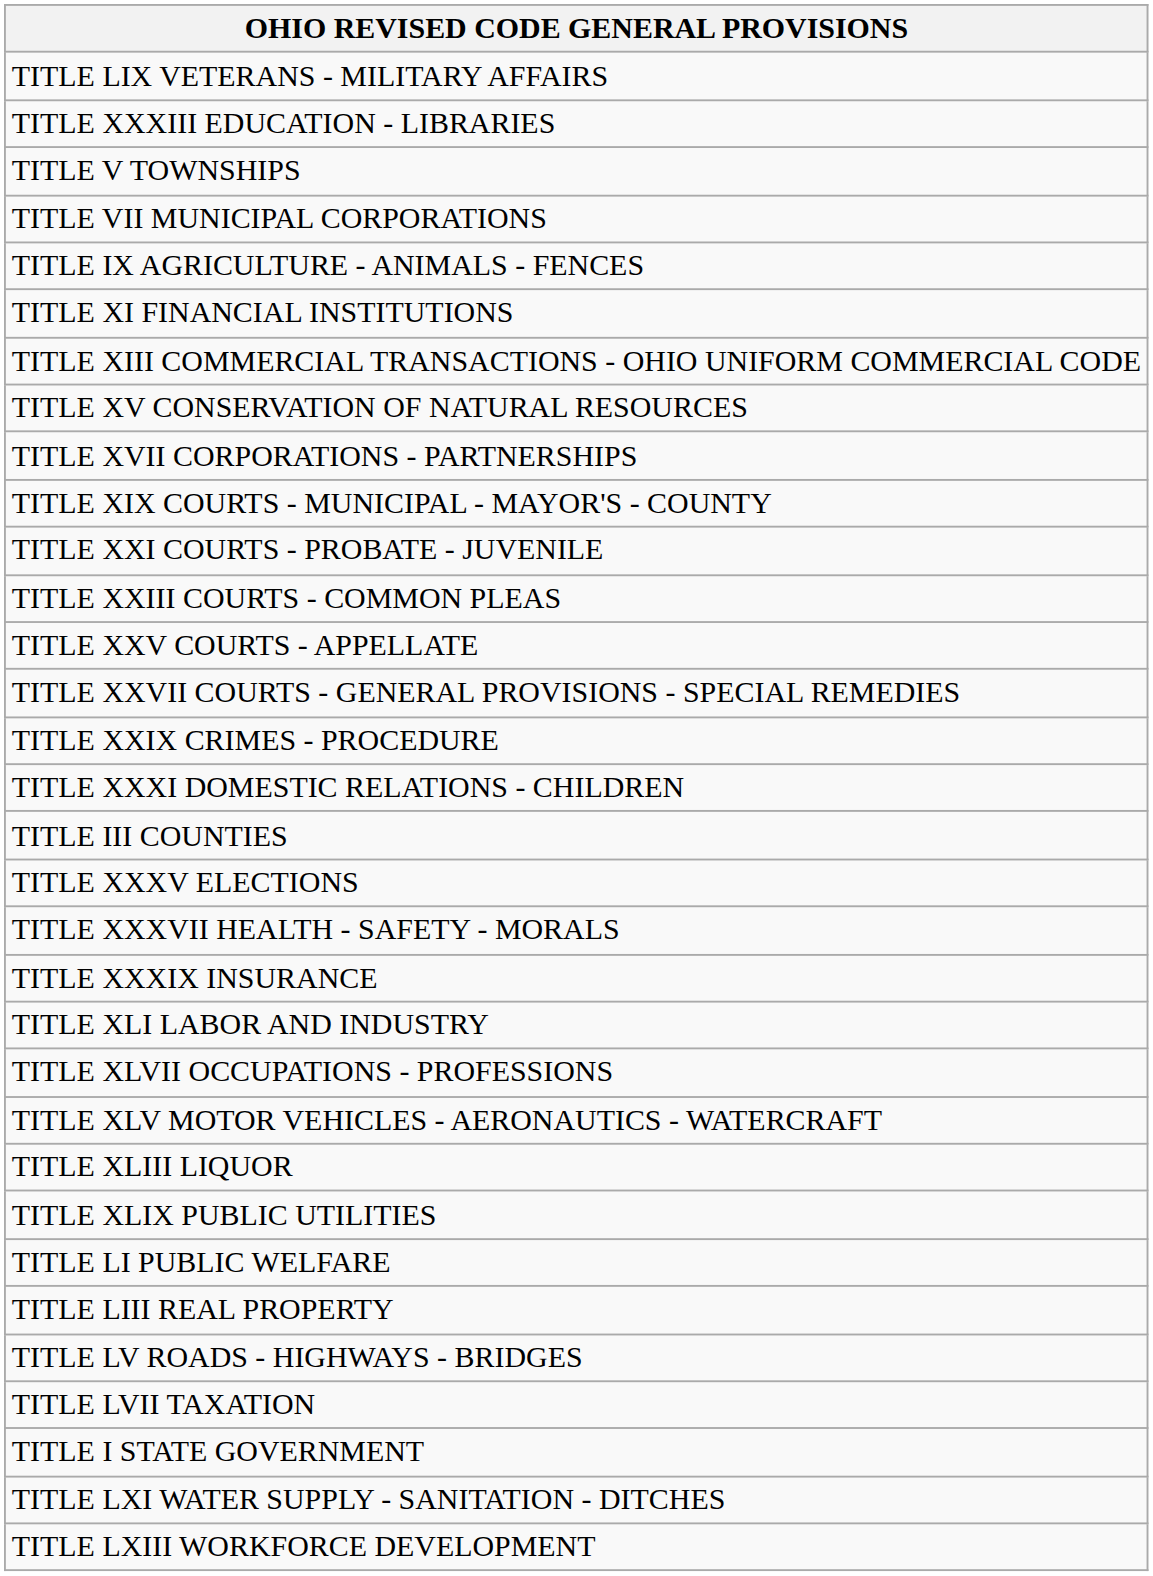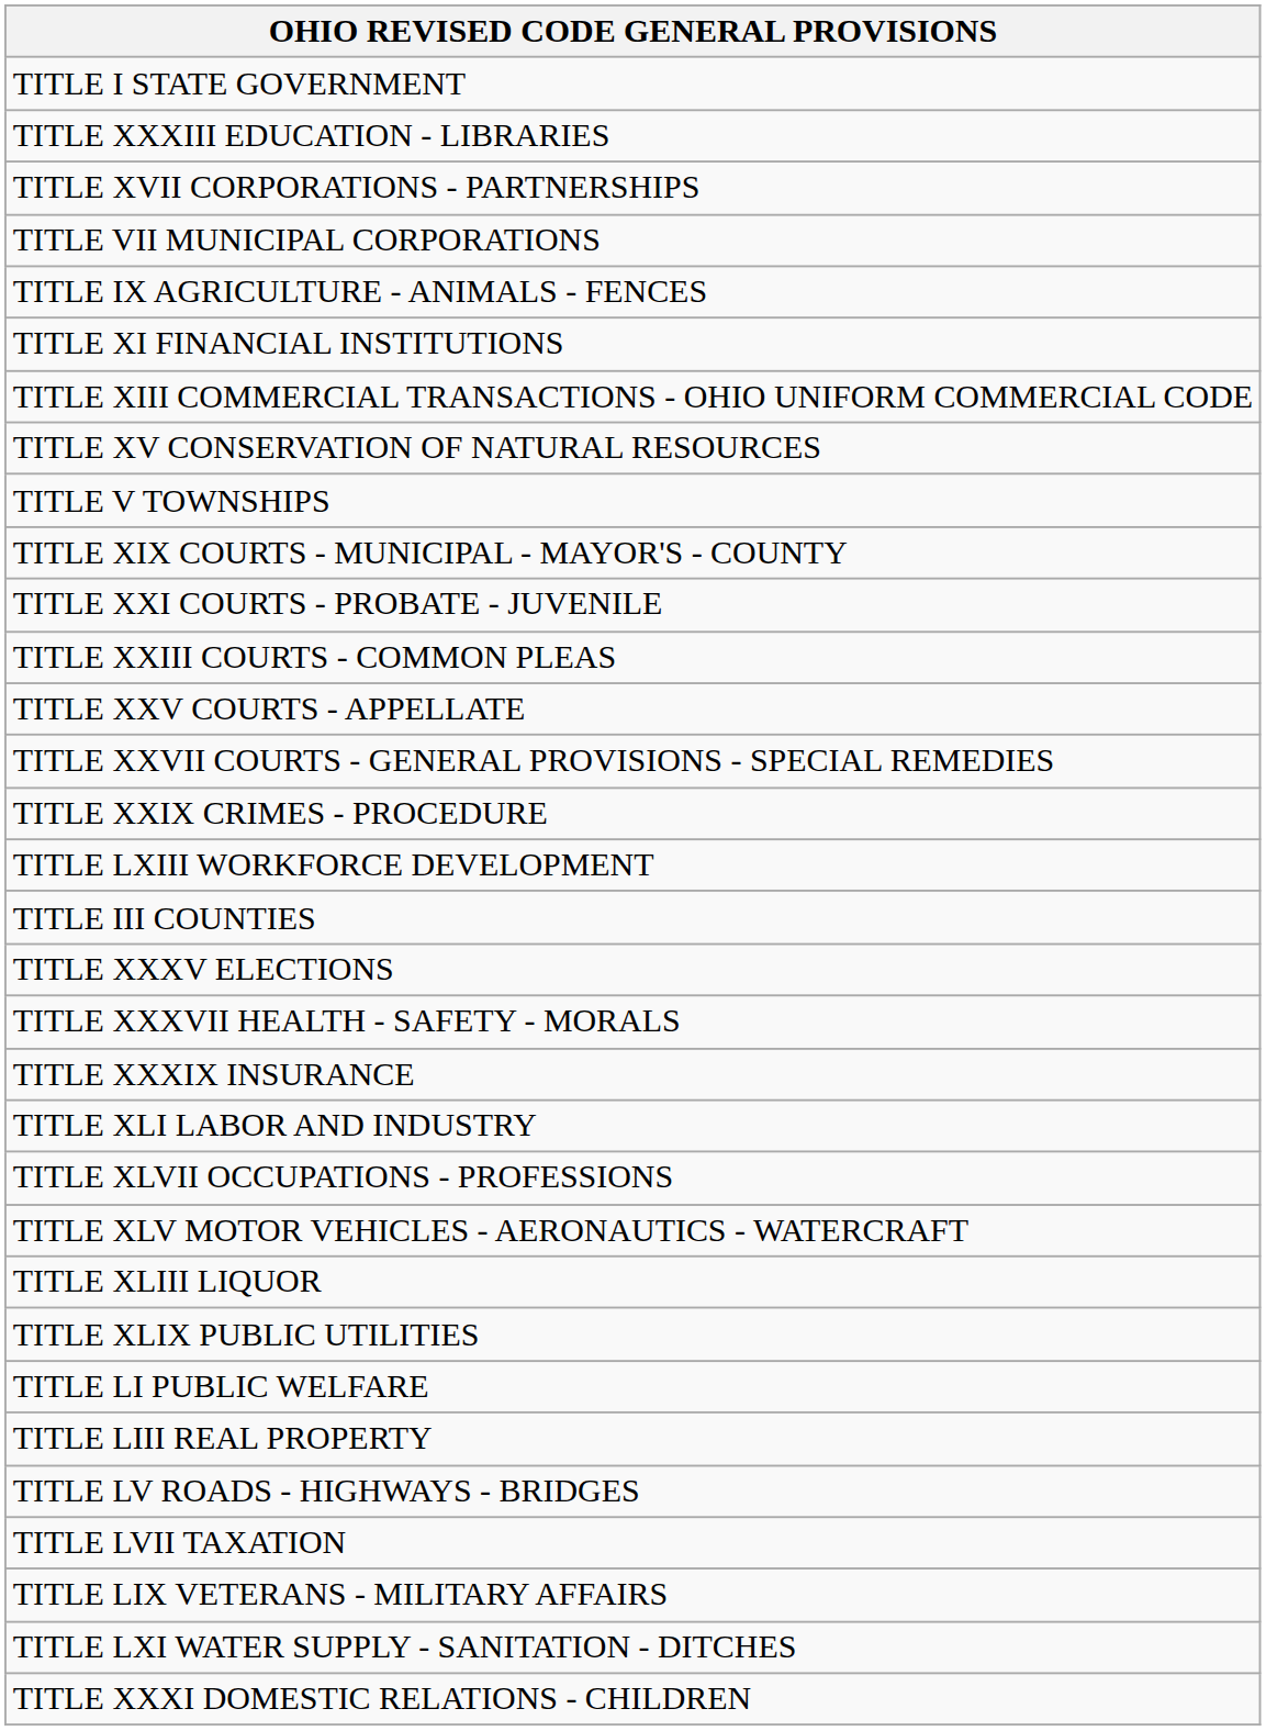 <table class="wikitable">
 <tr>
 <th>OHIO REVISED CODE GENERAL PROVISIONS</th>
 </tr>
 <tr>
-<td>TITLE LIX VETERANS - MILITARY AFFAIRS</td>
+<td>TITLE I STATE GOVERNMENT</td>
 </tr>
 <tr>
 <td>TITLE XXXIII EDUCATION - LIBRARIES</td>
 </tr>
 <tr>
-<td>TITLE V TOWNSHIPS</td>
+<td>TITLE XVII CORPORATIONS - PARTNERSHIPS</td>
 </tr>
 <tr>
 <td>TITLE VII MUNICIPAL CORPORATIONS</td>
 </tr>
 <tr>
 <td>TITLE IX AGRICULTURE - ANIMALS - FENCES</td>
 </tr>
 <tr>
 <td>TITLE XI FINANCIAL INSTITUTIONS</td>
 </tr>
 <tr>
 <td>TITLE XIII COMMERCIAL TRANSACTIONS - OHIO UNIFORM COMMERCIAL CODE</td>
 </tr>
 <tr>
 <td>TITLE XV CONSERVATION OF NATURAL RESOURCES</td>
 </tr>
 <tr>
-<td>TITLE XVII CORPORATIONS - PARTNERSHIPS</td>
+<td>TITLE V TOWNSHIPS</td>
 </tr>
 <tr>
 <td>TITLE XIX COURTS - MUNICIPAL - MAYOR'S - COUNTY</td>
 </tr>
 <tr>
 <td>TITLE XXI COURTS - PROBATE - JUVENILE</td>
 </tr>
 <tr>
 <td>TITLE XXIII COURTS - COMMON PLEAS</td>
 </tr>
 <tr>
 <td>TITLE XXV COURTS - APPELLATE</td>
 </tr>
 <tr>
 <td>TITLE XXVII COURTS - GENERAL PROVISIONS - SPECIAL REMEDIES</td>
 </tr>
 <tr>
 <td>TITLE XXIX CRIMES - PROCEDURE</td>
 </tr>
 <tr>
-<td>TITLE XXXI DOMESTIC RELATIONS - CHILDREN</td>
+<td>TITLE LXIII WORKFORCE DEVELOPMENT</td>
 </tr>
 <tr>
 <td>TITLE III COUNTIES</td>
 </tr>
 <tr>
 <td>TITLE XXXV ELECTIONS</td>
 </tr>
 <tr>
 <td>TITLE XXXVII HEALTH - SAFETY - MORALS</td>
 </tr>
 <tr>
 <td>TITLE XXXIX INSURANCE</td>
 </tr>
 <tr>
 <td>TITLE XLI LABOR AND INDUSTRY</td>
 </tr>
 <tr>
 <td>TITLE XLVII OCCUPATIONS - PROFESSIONS</td>
 </tr>
 <tr>
 <td>TITLE XLV MOTOR VEHICLES - AERONAUTICS - WATERCRAFT</td>
 </tr>
 <tr>
 <td>TITLE XLIII LIQUOR</td>
 </tr>
 <tr>
 <td>TITLE XLIX PUBLIC UTILITIES</td>
 </tr>
 <tr>
 <td>TITLE LI PUBLIC WELFARE</td>
 </tr>
 <tr>
 <td>TITLE LIII REAL PROPERTY</td>
 </tr>
 <tr>
 <td>TITLE LV ROADS - HIGHWAYS - BRIDGES</td>
 </tr>
 <tr>
 <td>TITLE LVII TAXATION</td>
 </tr>
 <tr>
-<td>TITLE I STATE GOVERNMENT</td>
+<td>TITLE LIX VETERANS - MILITARY AFFAIRS</td>
 </tr>
 <tr>
 <td>TITLE LXI WATER SUPPLY - SANITATION - DITCHES</td>
 </tr>
 <tr>
-<td>TITLE LXIII WORKFORCE DEVELOPMENT</td>
+<td>TITLE XXXI DOMESTIC RELATIONS - CHILDREN</td>
 </tr>
 </table>
